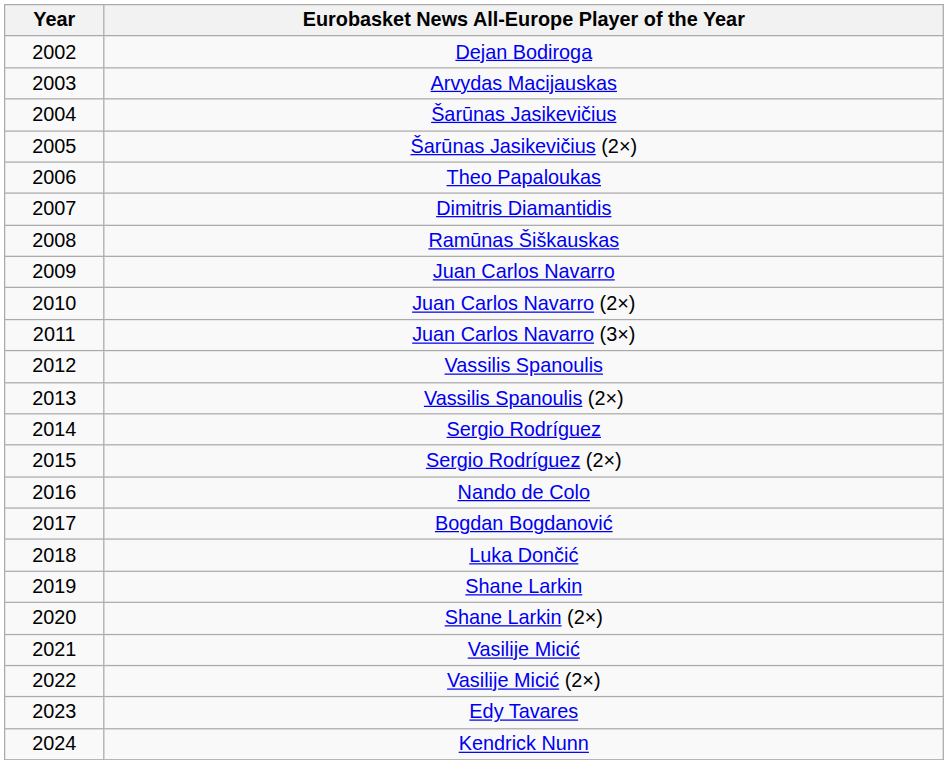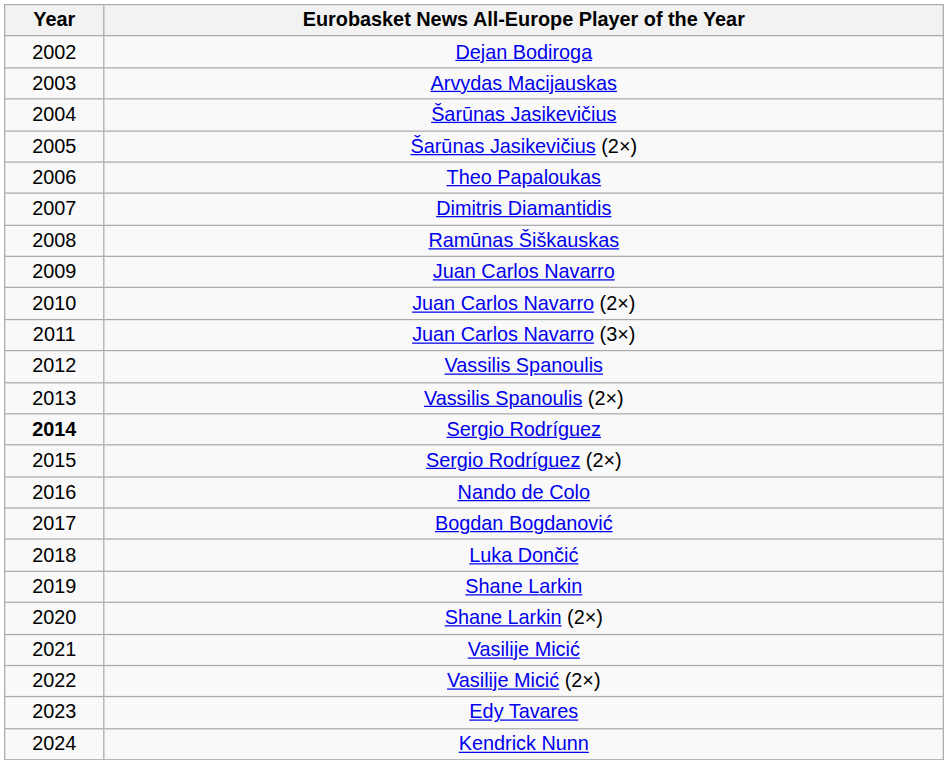 <table class="wikitable sortable" style="text-align:center; width: 60%">
 <tr>
 <th scope="col">Year</th>
 <th scope="col">Eurobasket News All-Europe Player of the Year</th>
 </tr>
 <tr>
 <td style="text-align:center">2002</td>
 <td> <a href='#'>Dejan Bodiroga</a></td>
 </tr>
 <tr>
 <td style="text-align:center">2003</td>
 <td> <a href='#'>Arvydas Macijauskas</a></td>
 </tr>
 <tr>
 <td style="text-align:center">2004</td>
 <td> <a href='#'>Šarūnas Jasikevičius</a></td>
 </tr>
 <tr>
 <td style="text-align:center">2005</td>
 <td> <a href='#'>Šarūnas Jasikevičius</a> (2×)</td>
 </tr>
 <tr>
 <td style="text-align:center">2006</td>
 <td> <a href='#'>Theo Papaloukas</a></td>
 </tr>
 <tr>
 <td style="text-align:center">2007</td>
 <td> <a href='#'>Dimitris Diamantidis</a></td>
 </tr>
 <tr>
 <td style="text-align:center">2008</td>
 <td> <a href='#'>Ramūnas Šiškauskas</a></td>
 </tr>
 <tr>
 <td style="text-align:center">2009</td>
 <td> <a href='#'>Juan Carlos Navarro</a></td>
 </tr>
 <tr>
 <td style="text-align:center">2010</td>
 <td> <a href='#'>Juan Carlos Navarro</a> (2×)</td>
 </tr>
 <tr>
 <td style="text-align:center">2011</td>
 <td> <a href='#'>Juan Carlos Navarro</a> (3×)</td>
 </tr>
 <tr>
 <td style="text-align:center">2012</td>
 <td> <a href='#'>Vassilis Spanoulis</a></td>
 </tr>
 <tr>
 <td style="text-align:center">2013</td>
 <td> <a href='#'>Vassilis Spanoulis</a> (2×)</td>
 </tr>
 <tr>
-<td style="text-align:center">2014</td>
+<td style="text-align:center"><strong>2014</strong></td>
 <td> <a href='#'>Sergio Rodríguez</a></td>
 </tr>
 <tr>
 <td style="text-align:center">2015</td>
 <td> <a href='#'>Sergio Rodríguez</a> (2×)</td>
 </tr>
 <tr>
 <td style="text-align:center">2016</td>
 <td> <a href='#'>Nando de Colo</a></td>
 </tr>
 <tr>
 <td style="text-align:center">2017</td>
 <td> <a href='#'>Bogdan Bogdanović</a></td>
 </tr>
 <tr>
 <td style="text-align:center">2018</td>
 <td> <a href='#'>Luka Dončić</a></td>
 </tr>
 <tr>
 <td style="text-align:center">2019</td>
 <td> <a href='#'>Shane Larkin</a></td>
 </tr>
 <tr>
 <td style="text-align:center">2020</td>
 <td> <a href='#'>Shane Larkin</a> (2×)</td>
 </tr>
 <tr>
 <td style="text-align:center">2021</td>
 <td> <a href='#'>Vasilije Micić</a></td>
 </tr>
 <tr>
 <td style="text-align:center">2022</td>
 <td> <a href='#'>Vasilije Micić</a> (2×)</td>
 </tr>
 <tr>
 <td style="text-align:center">2023</td>
 <td> <a href='#'>Edy Tavares</a></td>
 </tr>
 <tr>
 <td style="text-align:center">2024</td>
 <td> <a href='#'>Kendrick Nunn</a></td>
 </tr>
 </table>
